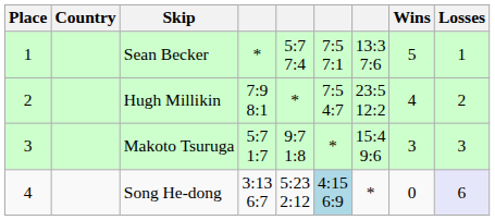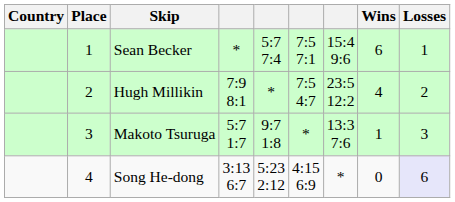 <table class="wikitable" style="text-align:center;">
 <tr>
+<th>Country</th>
 <th>Place</th>
-<th>Country</th>
 <th>Skip</th>
 <th width="25"></th>
 <th width="25"></th>
 <th width="25"></th>
 <th width="25"></th>
 <th>Wins</th>
 <th>Losses</th>
 </tr>
 <tr bgcolor=#ccffcc>
+<td align=left></td>
 <td>1</td>
-<td align=left></td>
 <td align=left>Sean Becker</td>
 <td>*</td>
 <td>5:7<br> 7:4</td>
 <td>7:5<br> 7:1</td>
-<td>13:3<br> 7:6</td>
-<td>5</td>
+<td>15:4<br> 9:6</td>
+<td>6</td>
 <td>1</td>
 </tr>
 <tr bgcolor=#ccffcc>
+<td align=left></td>
 <td>2</td>
-<td align=left></td>
 <td align=left>Hugh Millikin</td>
 <td>7:9<br> 8:1</td>
 <td>*</td>
 <td>7:5<br> 4:7</td>
 <td>23:5<br>12:2</td>
 <td>4</td>
 <td>2</td>
 </tr>
 <tr bgcolor=#ccffcc>
+<td align=left></td>
 <td>3</td>
-<td align=left></td>
 <td align=left>Makoto Tsuruga</td>
 <td>5:7<br> 1:7</td>
 <td>9:7<br> 1:8</td>
 <td>*</td>
-<td>15:4<br> 9:6</td>
-<td>3</td>
+<td>13:3<br> 7:6</td>
+<td>1</td>
 <td>3</td>
 </tr>
 <tr>
+<td align=left></td>
 <td>4</td>
-<td align=left></td>
 <td align=left>Song He-dong</td>
 <td>3:13<br> 6:7</td>
 <td>5:23<br>2:12</td>
-<td style="background: lightblue;">4:15<br> 6:9</td>
+<td>4:15<br> 6:9</td>
 <td>*</td>
 <td>0</td>
 <td style="background: lavender;">6</td>
 </tr>
 </table>
